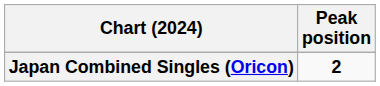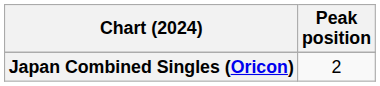 <table class="wikitable sortable plainrowheaders" style="text-align:center">
 <tr>
 <th scope="col">Chart (2024)</th>
 <th scope="col">Peak<br>position</th>
 </tr>
 <tr>
 </tr>
 <tr>
 <th scope="row">Japan Combined Singles (<a href='#'>Oricon</a>)</th>
-<td><strong>2</strong></td>
+<td>2</td>
 </tr>
 </table>
